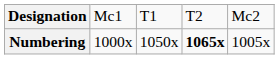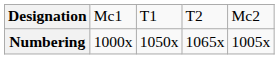 <table class="wikitable">
 <tr>
 <th>Designation</th>
 <td>Mc1</td>
 <td>T1</td>
 <td>T2</td>
 <td>Mc2</td>
 </tr>
 <tr>
 <th>Numbering</th>
 <td>1000x</td>
 <td>1050x</td>
-<td><strong>1065x</strong></td>
+<td>1065x</td>
 <td>1005x</td>
 </tr>
 </table>
